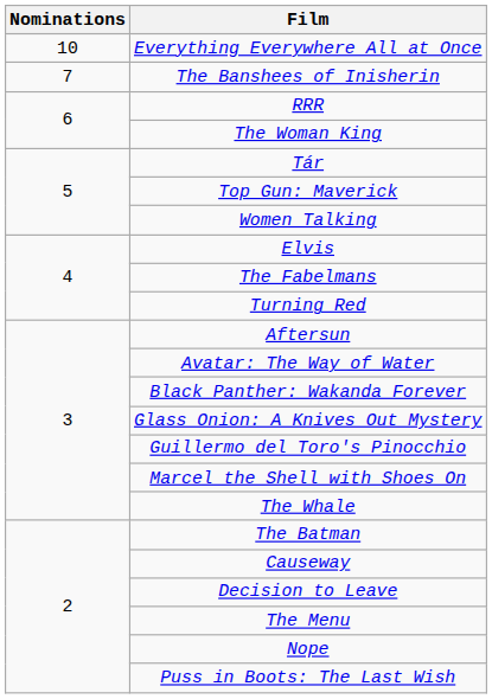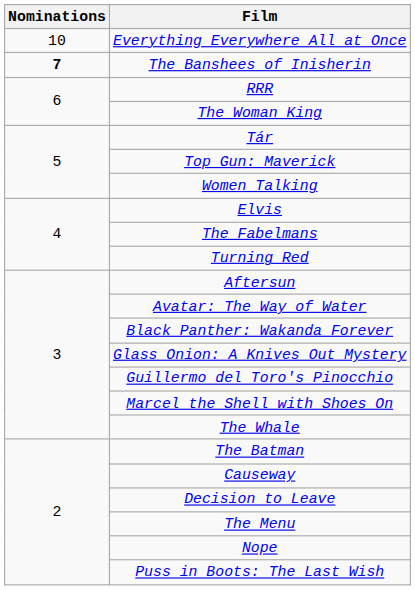 <table class="wikitable" rowspan="2" style="text-align:center" background: #f6e39c;>
 <tr>
 <th scope="col" style="width:55px;">Nominations</th>
 <th scope="col" style="text-align:center;">Film</th>
 </tr>
 <tr>
 <td rowspan="1" style="text-align:center">10</td>
 <td><em><a href='#'>Everything Everywhere All at Once</a></em></td>
 </tr>
 <tr>
-<td rowspan="1" style="text-align:center">7</td>
+<td rowspan="1" style="text-align:center"><strong>7</strong></td>
 <td><em><a href='#'>The Banshees of Inisherin</a></em></td>
 </tr>
 <tr>
 <td rowspan="2" style="text-align:center">6</td>
 <td><em><a href='#'>RRR</a></em></td>
 </tr>
 <tr>
 <td><em><a href='#'>The Woman King</a></em></td>
 </tr>
 <tr>
 <td rowspan="3" style="text-align:center">5</td>
 <td><em><a href='#'>Tár</a></em></td>
 </tr>
 <tr>
 <td><em><a href='#'>Top Gun: Maverick</a></em></td>
 </tr>
 <tr>
 <td><em><a href='#'>Women Talking</a></em></td>
 </tr>
 <tr>
 <td rowspan="3" style="text-align:center">4</td>
 <td><em><a href='#'>Elvis</a></em></td>
 </tr>
 <tr>
 <td><em><a href='#'>The Fabelmans</a></em></td>
 </tr>
 <tr>
 <td><em><a href='#'>Turning Red</a></em></td>
 </tr>
 <tr>
 <td rowspan="7" style="text-align:center">3</td>
 <td><em><a href='#'>Aftersun</a></em></td>
 </tr>
 <tr>
 <td><em><a href='#'>Avatar: The Way of Water</a></em></td>
 </tr>
 <tr>
 <td><em><a href='#'>Black Panther: Wakanda Forever</a></em></td>
 </tr>
 <tr>
 <td><em><a href='#'>Glass Onion: A Knives Out Mystery</a></em></td>
 </tr>
 <tr>
 <td><em><a href='#'>Guillermo del Toro's Pinocchio</a></em></td>
 </tr>
 <tr>
 <td><em><a href='#'>Marcel the Shell with Shoes On</a></em></td>
 </tr>
 <tr>
 <td><em><a href='#'>The Whale</a></em></td>
 </tr>
 <tr>
 <td rowspan="6" style="text-align:center">2</td>
 <td><em><a href='#'>The Batman</a></em></td>
 </tr>
 <tr>
 <td><em><a href='#'>Causeway</a></em></td>
 </tr>
 <tr>
 <td><em><a href='#'>Decision to Leave</a></em></td>
 </tr>
 <tr>
 <td><em><a href='#'>The Menu</a></em></td>
 </tr>
 <tr>
 <td><em><a href='#'>Nope</a></em></td>
 </tr>
 <tr>
 <td><em><a href='#'>Puss in Boots: The Last Wish</a></em></td>
 </tr>
 </table>
